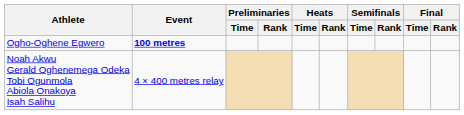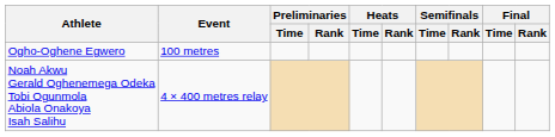 <table class=wikitable style="font-size:90%;">
 <tr>
 <th rowspan="2">Athlete</th>
 <th rowspan="2">Event</th>
 <th colspan="2">Preliminaries</th>
 <th colspan="2">Heats</th>
 <th colspan="2">Semifinals</th>
 <th colspan="2">Final</th>
 </tr>
 <tr>
 <th>Time</th>
 <th>Rank</th>
 <th>Time</th>
 <th>Rank</th>
 <th>Time</th>
 <th>Rank</th>
 <th>Time</th>
 <th>Rank</th>
 </tr>
 <tr style="border-top: single;">
 <td><a href='#'>Ogho-Oghene Egwero</a></td>
-<td><strong><a href='#'>100 metres</a></strong></td>
+<td><a href='#'>100 metres</a></td>
 <td align=center></td>
 <td align=center></td>
 <td align=center></td>
 <td align=center></td>
 <td align=center></td>
 <td align=center></td>
 <td align=center></td>
 <td align=center></td>
 </tr>
 <tr style="border-top: single;">
 <td><a href='#'>Noah Akwu</a><br><a href='#'>Gerald Oghenemega Odeka</a><br><a href='#'>Tobi Ogunmola</a><br><a href='#'>Abiola Onakoya</a><br><a href='#'>Isah Salihu</a></td>
 <td><a href='#'>4 × 400 metres relay</a></td>
 <td colspan= 2 bgcolor="wheat"></td>
 <td align=center></td>
 <td align=center></td>
 <td colspan= 2 bgcolor="wheat"></td>
 <td align=center></td>
 <td align=center></td>
 </tr>
 </table>
